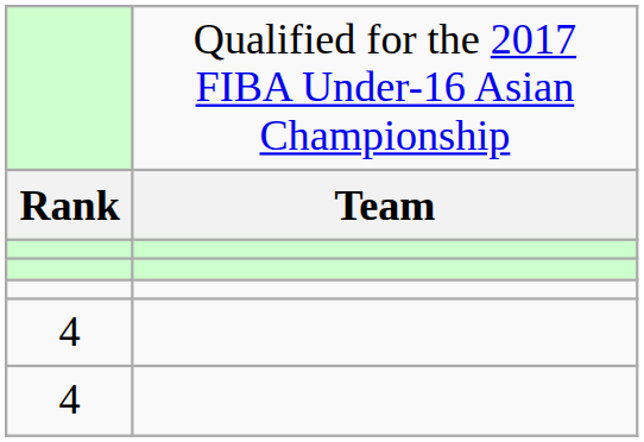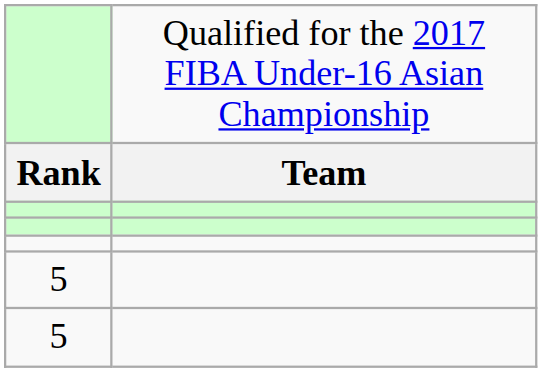 <table class=wikitable style="text-align:center;">
 <tr>
 <td width=5px bgcolor="#ccffcc"></td>
 <td>Qualified for the <a href='#'>2017 FIBA Under-16 Asian Championship</a></td>
 </tr>
 <tr>
 <th width=40>Rank</th>
 <th width=180>Team</th>
 </tr>
 <tr bgcolor="#ccffcc">
 <td></td>
 <td align=left></td>
 </tr>
 <tr bgcolor="#ccffcc">
 <td></td>
 <td align=left></td>
 </tr>
 <tr>
 <td></td>
 <td align=left></td>
 </tr>
 <tr>
-<td>4</td>
+<td>5</td>
 <td align=left></td>
 </tr>
 <tr>
-<td>4</td>
+<td>5</td>
 <td align=left></td>
 </tr>
 </table>
